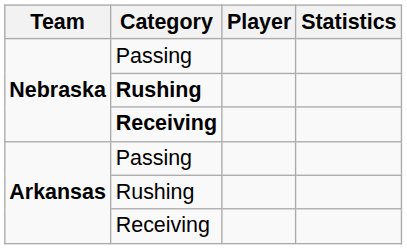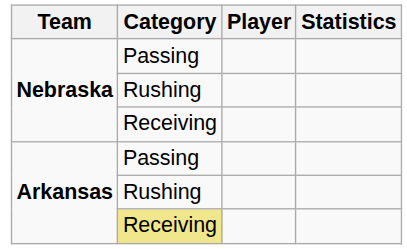 <table class="wikitable" style="float: right;">
 <tr>
 <th>Team</th>
 <th>Category</th>
 <th>Player</th>
 <th>Statistics</th>
 </tr>
 <tr>
 <td rowspan=3><strong>Nebraska</strong></td>
 <td>Passing</td>
 <td></td>
 <td></td>
 </tr>
 <tr>
-<td><strong>Rushing</strong></td>
+<td>Rushing</td>
 <td></td>
 <td></td>
 </tr>
 <tr>
-<td><strong>Receiving</strong></td>
+<td>Receiving</td>
 <td></td>
 <td></td>
 </tr>
 <tr>
 <td rowspan=3><strong>Arkansas</strong></td>
 <td>Passing</td>
 <td></td>
 <td></td>
 </tr>
 <tr>
 <td>Rushing</td>
 <td></td>
 <td></td>
 </tr>
 <tr>
-<td>Receiving</td>
+<td style="background: khaki;">Receiving</td>
 <td></td>
 <td></td>
 </tr>
 </table>
